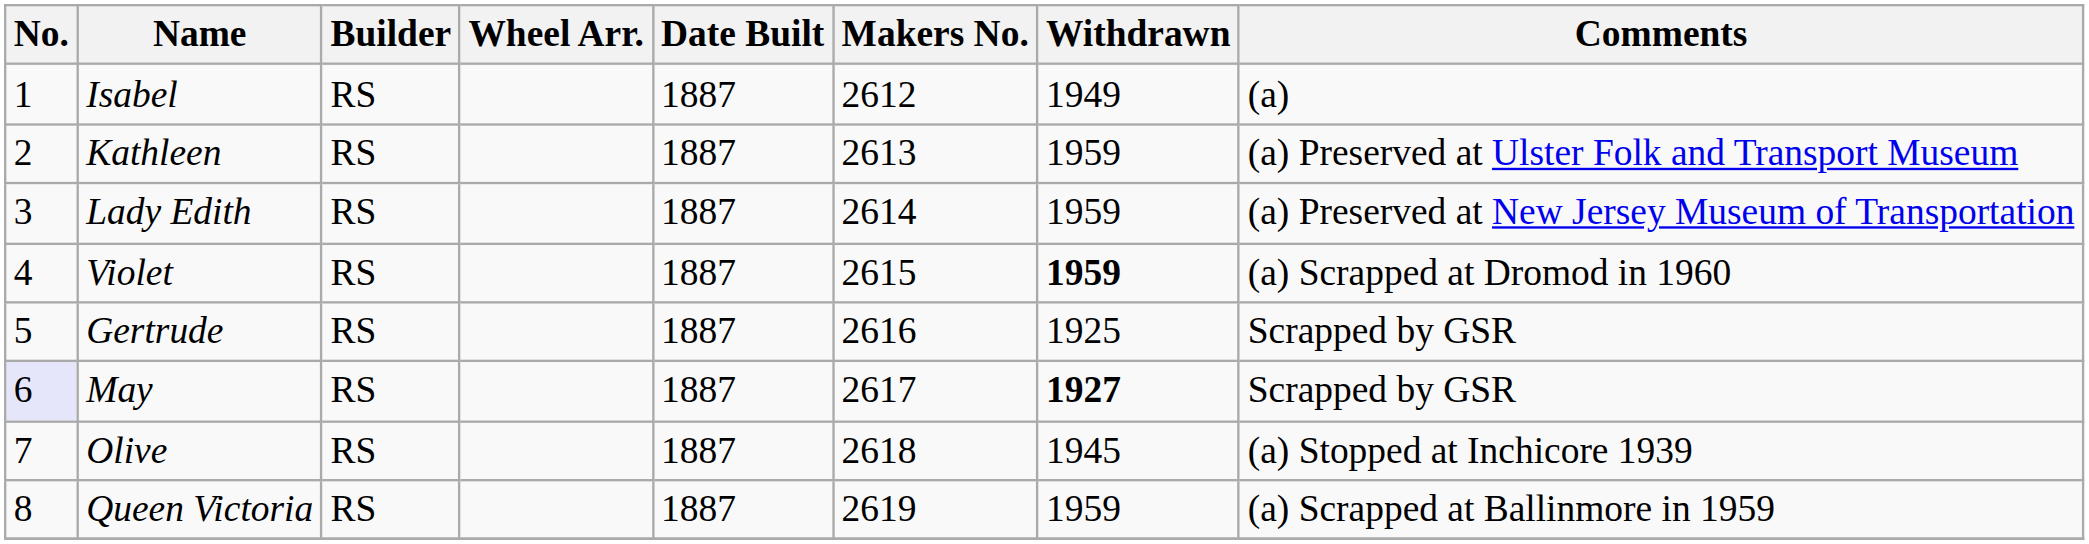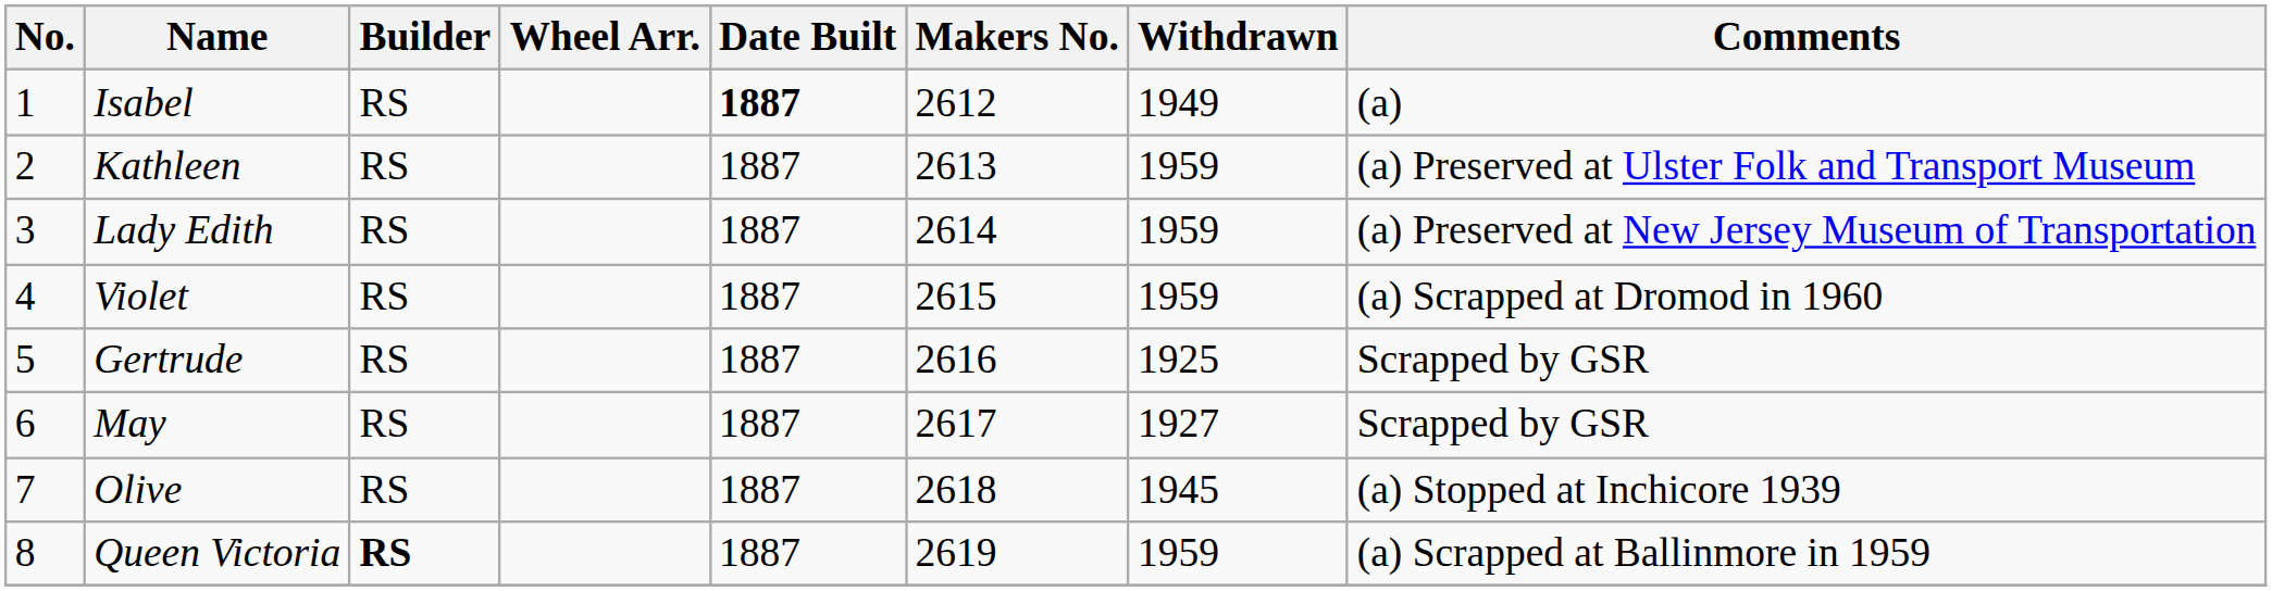 <table class="wikitable sortable">
 <tr>
 <th>No.</th>
 <th>Name</th>
 <th>Builder</th>
 <th>Wheel Arr.</th>
 <th>Date Built</th>
 <th>Makers No.</th>
 <th>Withdrawn</th>
 <th>Comments</th>
 </tr>
 <tr>
 <td>1</td>
 <td><em>Isabel</em></td>
 <td>RS</td>
 <td></td>
-<td>1887</td>
+<td><strong>1887</strong></td>
 <td>2612</td>
 <td>1949</td>
 <td>(a)</td>
 </tr>
 <tr>
 <td>2</td>
 <td><em>Kathleen</em></td>
 <td>RS</td>
 <td></td>
 <td>1887</td>
 <td>2613</td>
 <td>1959</td>
 <td>(a) Preserved at <a href='#'>Ulster Folk and Transport Museum</a></td>
 </tr>
 <tr>
 <td>3</td>
 <td><em>Lady Edith</em></td>
 <td>RS</td>
 <td></td>
 <td>1887</td>
 <td>2614</td>
 <td>1959</td>
 <td>(a) Preserved at <a href='#'>New Jersey Museum of Transportation</a></td>
 </tr>
 <tr>
 <td>4</td>
 <td><em>Violet</em></td>
 <td>RS</td>
 <td></td>
 <td>1887</td>
 <td>2615</td>
-<td><strong>1959</strong></td>
+<td>1959</td>
 <td>(a) Scrapped at Dromod in 1960</td>
 </tr>
 <tr>
 <td>5</td>
 <td><em>Gertrude</em></td>
 <td>RS</td>
 <td></td>
 <td>1887</td>
 <td>2616</td>
 <td>1925</td>
 <td>Scrapped by GSR</td>
 </tr>
 <tr>
-<td style="background: lavender;">6</td>
+<td>6</td>
 <td><em>May</em></td>
 <td>RS</td>
 <td></td>
 <td>1887</td>
 <td>2617</td>
-<td><strong>1927</strong></td>
+<td>1927</td>
 <td>Scrapped by GSR</td>
 </tr>
 <tr>
 <td>7</td>
 <td><em>Olive</em></td>
 <td>RS</td>
 <td></td>
 <td>1887</td>
 <td>2618</td>
 <td>1945</td>
 <td>(a) Stopped at Inchicore 1939</td>
 </tr>
 <tr>
 <td>8</td>
 <td><em>Queen Victoria</em></td>
-<td>RS</td>
+<td><strong>RS</strong></td>
 <td></td>
 <td>1887</td>
 <td>2619</td>
 <td>1959</td>
 <td>(a) Scrapped at Ballinmore in 1959</td>
 </tr>
 <tr>
 </tr>
 </table>
